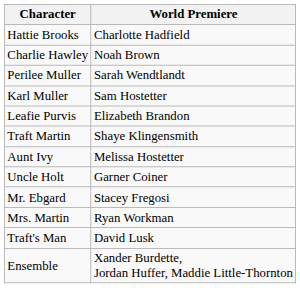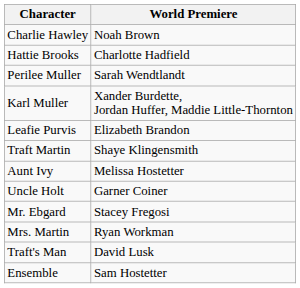 <table class="wikitable sortable">
 <tr>
 <th>Character</th>
 <th>World Premiere</th>
 </tr>
 <tr>
+<td>Charlie Hawley</td>
+<td>Noah Brown</td>
+</tr>
+<tr>
 <td>Hattie Brooks</td>
 <td>Charlotte Hadfield</td>
-</tr>
-<tr>
-<td>Charlie Hawley</td>
-<td>Noah Brown</td>
 </tr>
 <tr>
 <td>Perilee Muller</td>
 <td>Sarah Wendtlandt</td>
 </tr>
 <tr>
 <td>Karl Muller</td>
-<td>Sam Hostetter</td>
+<td>Xander Burdette,<br>Jordan Huffer, Maddie Little-Thornton</td>
 </tr>
 <tr>
 <td>Leafie Purvis</td>
 <td>Elizabeth Brandon</td>
 </tr>
 <tr>
 <td>Traft Martin</td>
 <td>Shaye Klingensmith</td>
 </tr>
 <tr>
 <td>Aunt Ivy</td>
 <td>Melissa Hostetter</td>
 </tr>
 <tr>
 <td>Uncle Holt</td>
 <td>Garner Coiner</td>
 </tr>
 <tr>
 <td>Mr. Ebgard</td>
 <td>Stacey Fregosi</td>
 </tr>
 <tr>
 <td>Mrs. Martin</td>
 <td>Ryan Workman</td>
 </tr>
 <tr>
 <td>Traft's Man</td>
 <td>David Lusk</td>
 </tr>
 <tr>
 <td>Ensemble</td>
-<td>Xander Burdette,<br>Jordan Huffer, Maddie Little-Thornton</td>
+<td>Sam Hostetter</td>
 </tr>
 </table>
